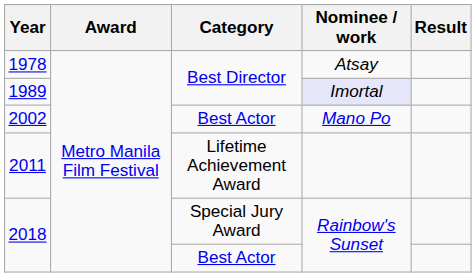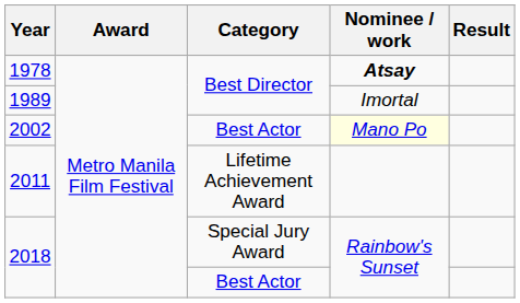 <table class="wikitable sortable" style="width:70%; text-align:center;">
 <tr>
 <th scope="col" style="width:5%;">Year</th>
 <th scope="col" style="width:30%;" class="unsortable">Award</th>
 <th scope="col" style="width:30%;">Category</th>
 <th scope="col" style="width:25%;">Nominee / work</th>
 <th scope="col" style="width:10%;">Result</th>
 </tr>
 <tr>
 <td><a href='#'>1978</a></td>
 <td rowspan="6"><a href='#'>Metro Manila Film Festival</a></td>
 <td rowspan="2"><a href='#'>Best Director</a></td>
-<td><em>Atsay </em></td>
+<td><strong><em>Atsay </em></strong></td>
 <td></td>
 </tr>
 <tr>
 <td><a href='#'>1989</a></td>
-<td style="background: lavender;"><em>Imortal</em></td>
+<td><em>Imortal</em></td>
 <td></td>
 </tr>
 <tr>
 <td><a href='#'>2002</a></td>
 <td><a href='#'>Best Actor</a></td>
-<td><em><a href='#'>Mano Po</a></em></td>
+<td style="background: lightyellow;"><em><a href='#'>Mano Po</a></em></td>
 <td></td>
 </tr>
 <tr>
 <td><a href='#'>2011</a></td>
 <td>Lifetime Achievement Award</td>
 <td></td>
 <td></td>
 </tr>
 <tr>
 <td rowspan=2><a href='#'>2018</a></td>
 <td>Special Jury Award</td>
 <td rowspan=2><em><a href='#'>Rainbow's Sunset</a></em></td>
 <td></td>
 </tr>
 <tr>
 <td><a href='#'>Best Actor</a></td>
 <td></td>
 </tr>
 </table>
